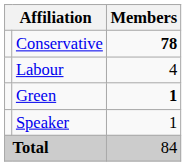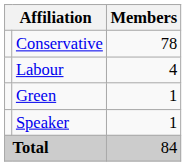 <table class="wikitable">
 <tr>
 <th colspan="2">Affiliation</th>
 <th>Members</th>
 </tr>
 <tr>
 <td></td>
 <td><a href='#'>Conservative</a></td>
-<td style="text-align:right;"><strong>78</strong></td>
+<td style="text-align:right;">78</td>
 </tr>
 <tr>
 <td></td>
 <td><a href='#'>Labour</a></td>
 <td style="text-align:right;">4</td>
 </tr>
 <tr>
 <td></td>
 <td><a href='#'>Green</a></td>
-<td style="text-align:right;"><strong>1</strong></td>
+<td style="text-align:right;">1</td>
 </tr>
 <tr>
 <td></td>
 <td><a href='#'>Speaker</a></td>
 <td style="text-align:right;">1</td>
 </tr>
 <tr style="background:#ccc;">
 <td colspan="2"> <strong>Total</strong></td>
 <td style="text-align:right;">84</td>
 </tr>
 </table>
